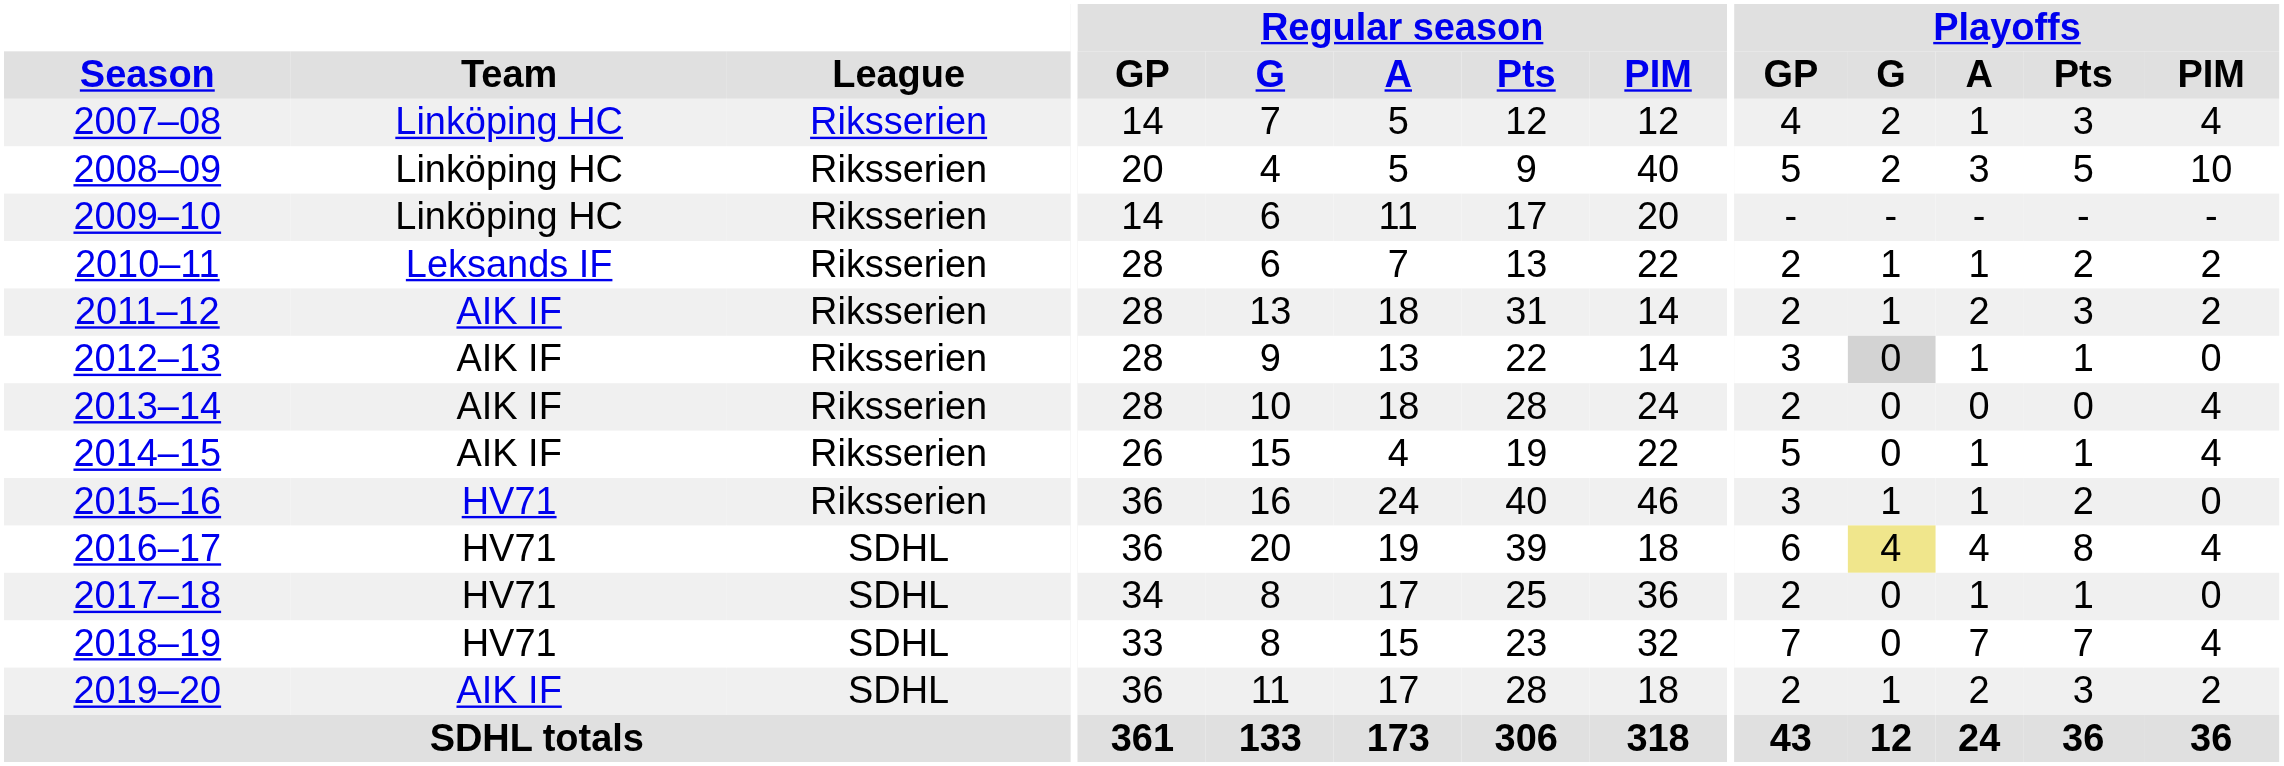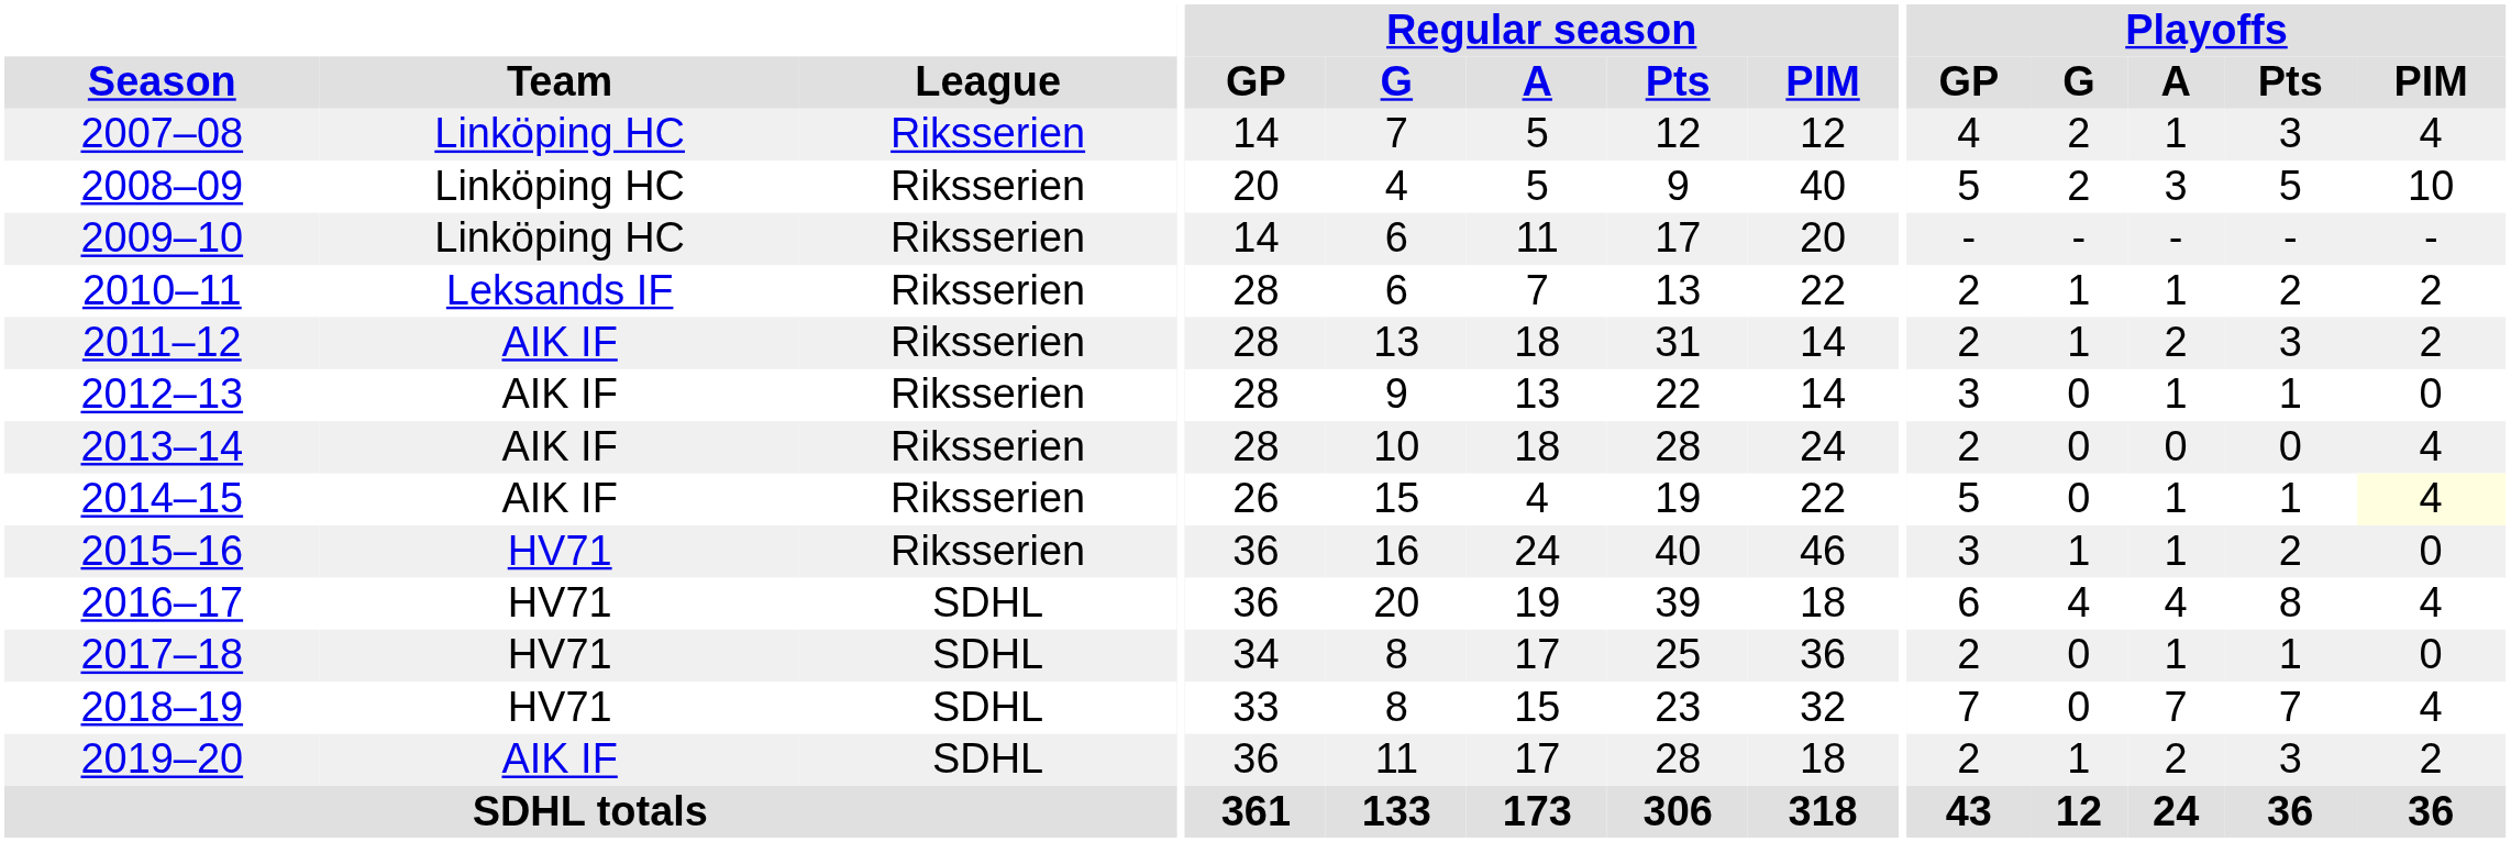 <table border="0" cellpadding="1" cellspacing="0" style="text-align:center; width:60em">
 <tr bgcolor="#e0e0e0">
 <th colspan="3" bgcolor="#ffffff"></th>
 <th rowspan="100" bgcolor="#ffffff"></th>
 <th colspan="5"><a href='#'>Regular season</a></th>
 <th rowspan="100" bgcolor="#ffffff"></th>
 <th colspan="5"><a href='#'>Playoffs</a></th>
 </tr>
 <tr bgcolor="#e0e0e0">
 <th><a href='#'>Season</a></th>
 <th>Team</th>
 <th>League</th>
 <th>GP</th>
 <th><a href='#'>G</a></th>
 <th><a href='#'>A</a></th>
 <th><a href='#'>Pts</a></th>
 <th><a href='#'>PIM</a></th>
 <th>GP</th>
 <th>G</th>
 <th>A</th>
 <th>Pts</th>
 <th>PIM</th>
 </tr>
 <tr style="background:#f0f0f0;">
 <td><a href='#'>2007–08</a></td>
 <td><a href='#'>Linköping HC</a></td>
 <td><a href='#'>Riksserien</a></td>
 <td>14</td>
 <td>7</td>
 <td>5</td>
 <td>12</td>
 <td>12</td>
 <td>4</td>
 <td>2</td>
 <td>1</td>
 <td>3</td>
 <td>4</td>
 </tr>
 <tr>
 <td><a href='#'>2008–09</a></td>
 <td>Linköping HC</td>
 <td>Riksserien</td>
 <td>20</td>
 <td>4</td>
 <td>5</td>
 <td>9</td>
 <td>40</td>
 <td>5</td>
 <td>2</td>
 <td>3</td>
 <td>5</td>
 <td>10</td>
 </tr>
 <tr style="background:#f0f0f0;">
 <td><a href='#'>2009–10</a></td>
 <td>Linköping HC</td>
 <td>Riksserien</td>
 <td>14</td>
 <td>6</td>
 <td>11</td>
 <td>17</td>
 <td>20</td>
 <td>-</td>
 <td>-</td>
 <td>-</td>
 <td>-</td>
 <td>-</td>
 </tr>
 <tr>
 <td><a href='#'>2010–11</a></td>
 <td><a href='#'>Leksands IF</a></td>
 <td>Riksserien</td>
 <td>28</td>
 <td>6</td>
 <td>7</td>
 <td>13</td>
 <td>22</td>
 <td>2</td>
 <td>1</td>
 <td>1</td>
 <td>2</td>
 <td>2</td>
 </tr>
 <tr style="background:#f0f0f0;">
 <td><a href='#'>2011–12</a></td>
 <td><a href='#'>AIK IF</a></td>
 <td>Riksserien</td>
 <td>28</td>
 <td>13</td>
 <td>18</td>
 <td>31</td>
 <td>14</td>
 <td>2</td>
 <td>1</td>
 <td>2</td>
 <td>3</td>
 <td>2</td>
 </tr>
 <tr>
 <td><a href='#'>2012–13</a></td>
 <td>AIK IF</td>
 <td>Riksserien</td>
 <td>28</td>
 <td>9</td>
 <td>13</td>
 <td>22</td>
 <td>14</td>
 <td>3</td>
-<td style="background: lightgrey;">0</td>
+<td>0</td>
 <td>1</td>
 <td>1</td>
 <td>0</td>
 </tr>
 <tr style="background:#f0f0f0;">
 <td><a href='#'>2013–14</a></td>
 <td>AIK IF</td>
 <td>Riksserien</td>
 <td>28</td>
 <td>10</td>
 <td>18</td>
 <td>28</td>
 <td>24</td>
 <td>2</td>
 <td>0</td>
 <td>0</td>
 <td>0</td>
 <td>4</td>
 </tr>
 <tr>
 <td><a href='#'>2014–15</a></td>
 <td>AIK IF</td>
 <td>Riksserien</td>
 <td>26</td>
 <td>15</td>
 <td>4</td>
 <td>19</td>
 <td>22</td>
 <td>5</td>
 <td>0</td>
 <td>1</td>
 <td>1</td>
-<td>4</td>
+<td style="background: lightyellow;">4</td>
 </tr>
 <tr style="background:#f0f0f0;">
 <td><a href='#'>2015–16</a></td>
 <td><a href='#'>HV71</a></td>
 <td>Riksserien</td>
 <td>36</td>
 <td>16</td>
 <td>24</td>
 <td>40</td>
 <td>46</td>
 <td>3</td>
 <td>1</td>
 <td>1</td>
 <td>2</td>
 <td>0</td>
 </tr>
 <tr>
 <td><a href='#'>2016–17</a></td>
 <td>HV71</td>
 <td>SDHL</td>
 <td>36</td>
 <td>20</td>
 <td>19</td>
 <td>39</td>
 <td>18</td>
 <td>6</td>
-<td style="background: khaki;">4</td>
+<td>4</td>
 <td>4</td>
 <td>8</td>
 <td>4</td>
 </tr>
 <tr style="background:#f0f0f0;">
 <td><a href='#'>2017–18</a></td>
 <td>HV71</td>
 <td>SDHL</td>
 <td>34</td>
 <td>8</td>
 <td>17</td>
 <td>25</td>
 <td>36</td>
 <td>2</td>
 <td>0</td>
 <td>1</td>
 <td>1</td>
 <td>0</td>
 </tr>
 <tr>
 <td><a href='#'>2018–19</a></td>
 <td>HV71</td>
 <td>SDHL</td>
 <td>33</td>
 <td>8</td>
 <td>15</td>
 <td>23</td>
 <td>32</td>
 <td>7</td>
 <td>0</td>
 <td>7</td>
 <td>7</td>
 <td>4</td>
 </tr>
 <tr style="background:#f0f0f0;">
 <td><a href='#'>2019–20</a></td>
 <td><a href='#'>AIK IF</a></td>
 <td>SDHL</td>
 <td>36</td>
 <td>11</td>
 <td>17</td>
 <td>28</td>
 <td>18</td>
 <td>2</td>
 <td>1</td>
 <td>2</td>
 <td>3</td>
 <td>2</td>
 </tr>
 <tr style="text-align:center; background:#e0e0e0;">
 <th colspan="3">SDHL totals</th>
 <th>361</th>
 <th>133</th>
 <th>173</th>
 <th>306</th>
 <th>318</th>
 <th>43</th>
 <th>12</th>
 <th>24</th>
 <th>36</th>
 <th>36</th>
 </tr>
 </table>
